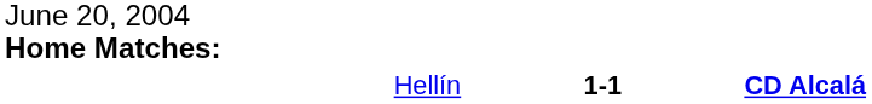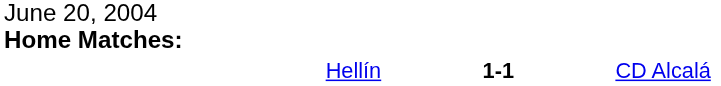 <table width=100% cellspacing=1>
 <tr>
 <th width=20%></th>
 <th width=12%></th>
 <th width=20%></th>
 <th></th>
 </tr>
 <tr>
 <td>June 20, 2004<br><strong>Home Matches:</strong></td>
 </tr>
 <tr style=font-size:90%>
 <td align=right><a href='#'>Hellín</a></td>
 <td align=center><strong>1-1</strong></td>
-<td><strong><a href='#'>CD Alcalá</a></strong></td>
+<td><a href='#'>CD Alcalá</a></td>
 </tr>
 </table>
